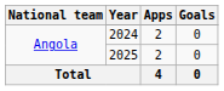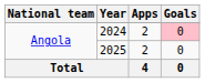 <table class="wikitable" style="text-align:center">
 <tr>
 <th>National team</th>
 <th>Year</th>
 <th>Apps</th>
 <th>Goals</th>
 </tr>
 <tr>
 <td rowspan="3"><a href='#'>Angola</a></td>
 </tr>
 <tr>
 <td>2024</td>
 <td>2</td>
-<td>0</td>
+<td style="background: pink;">0</td>
 </tr>
 <tr>
 <td>2025</td>
 <td>2</td>
 <td>0</td>
 </tr>
 <tr>
 <th colspan="2">Total</th>
 <th>4</th>
 <th>0</th>
 </tr>
 </table>
